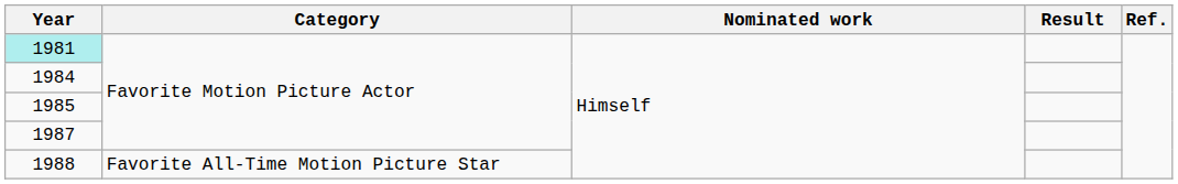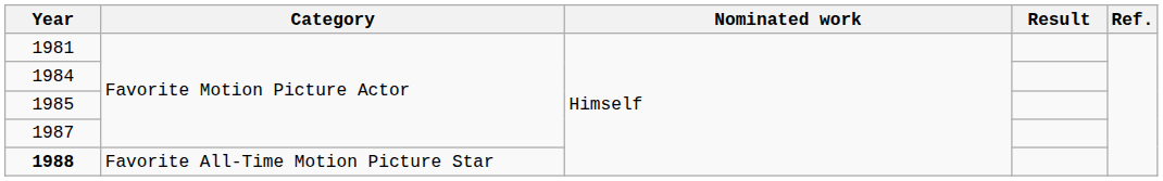 <table class=wikitable>
 <tr>
 <th scope="col" style="width:5em;">Year</th>
 <th scope="col" style="width:26em;">Category</th>
 <th scope="col" style="width:25em;">Nominated work</th>
 <th scope="col" style="width:5em;">Result</th>
 <th>Ref.</th>
 </tr>
 <tr>
-<td style="background: paleturquoise; text-align:center;">1981</td>
+<td style="text-align:center;">1981</td>
 <td rowspan="4">Favorite Motion Picture Actor</td>
 <td rowspan=6>Himself</td>
 <td></td>
 <td rowspan=6></td>
 </tr>
 <tr>
 <td style="text-align:center;">1984</td>
 <td></td>
 </tr>
 <tr>
 <td style="text-align:center;">1985</td>
 <td></td>
 </tr>
 <tr>
 <td style="text-align:center;">1987</td>
 <td></td>
 </tr>
 <tr>
-<td style="text-align:center;">1988</td>
+<td style="text-align:center;"><strong>1988</strong></td>
 <td>Favorite All-Time Motion Picture Star</td>
 <td></td>
 </tr>
 </table>
